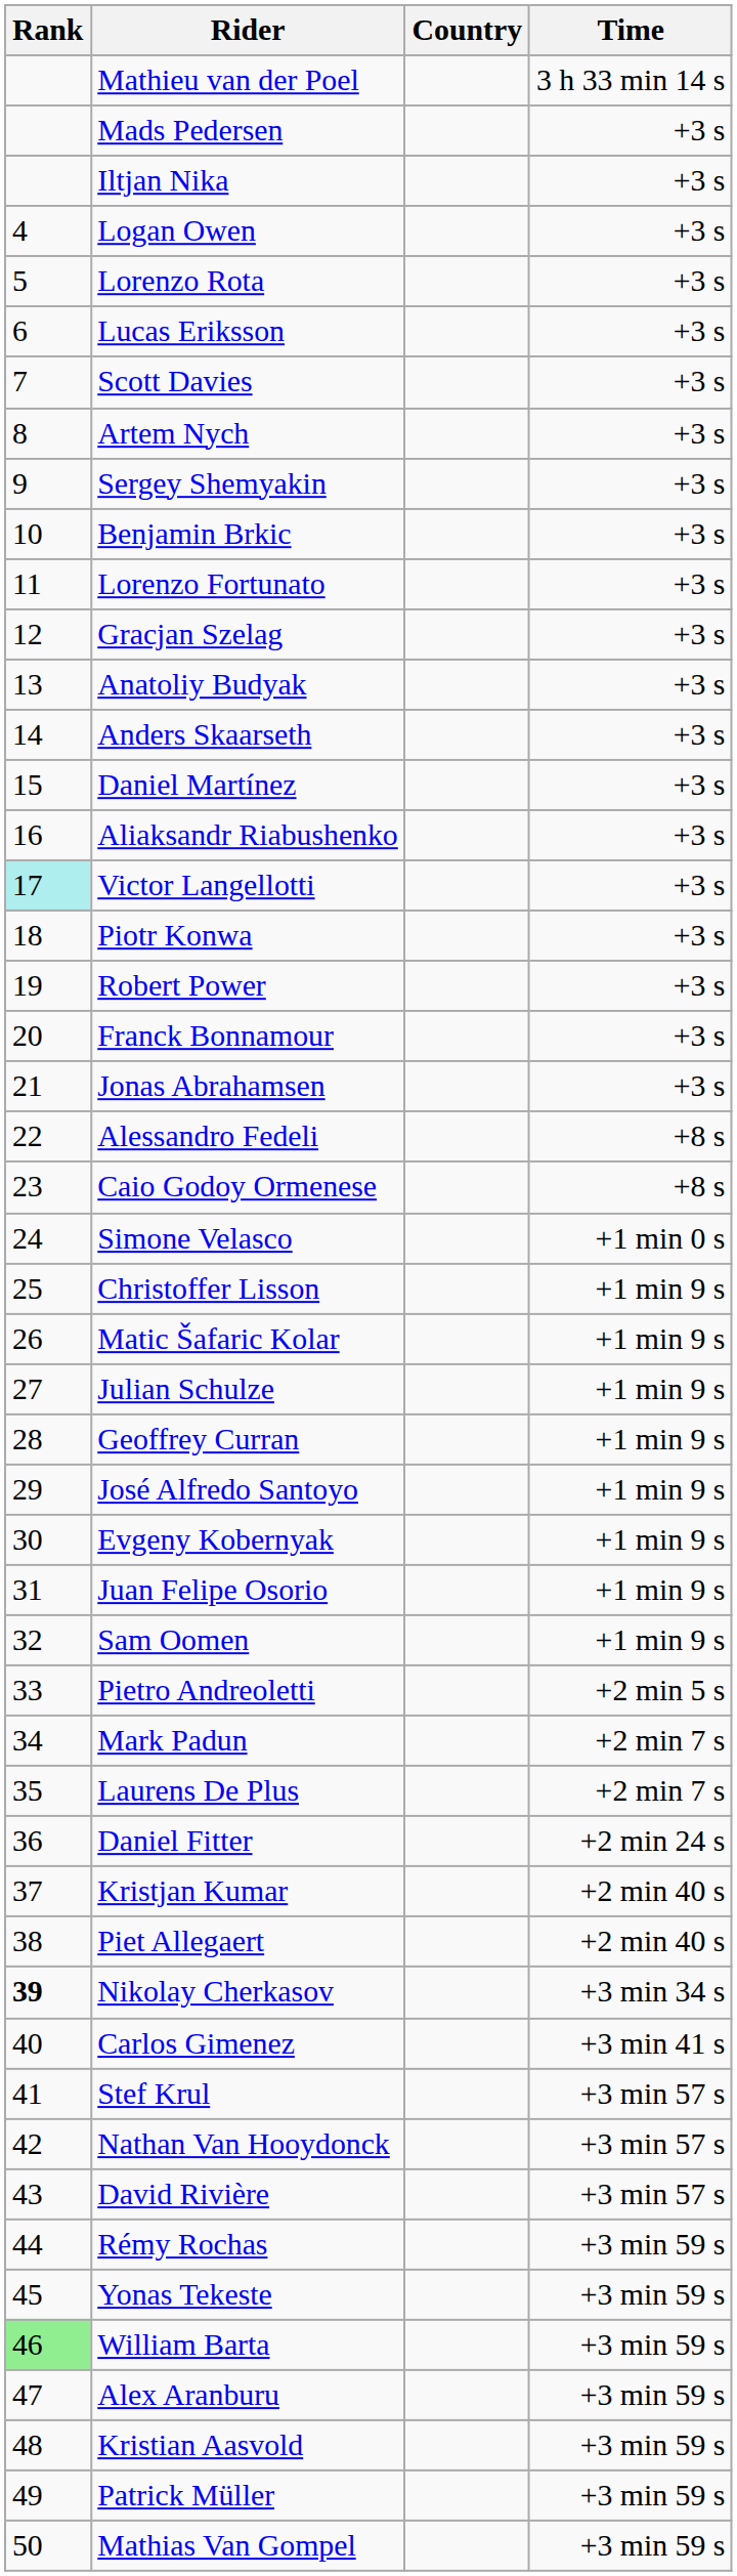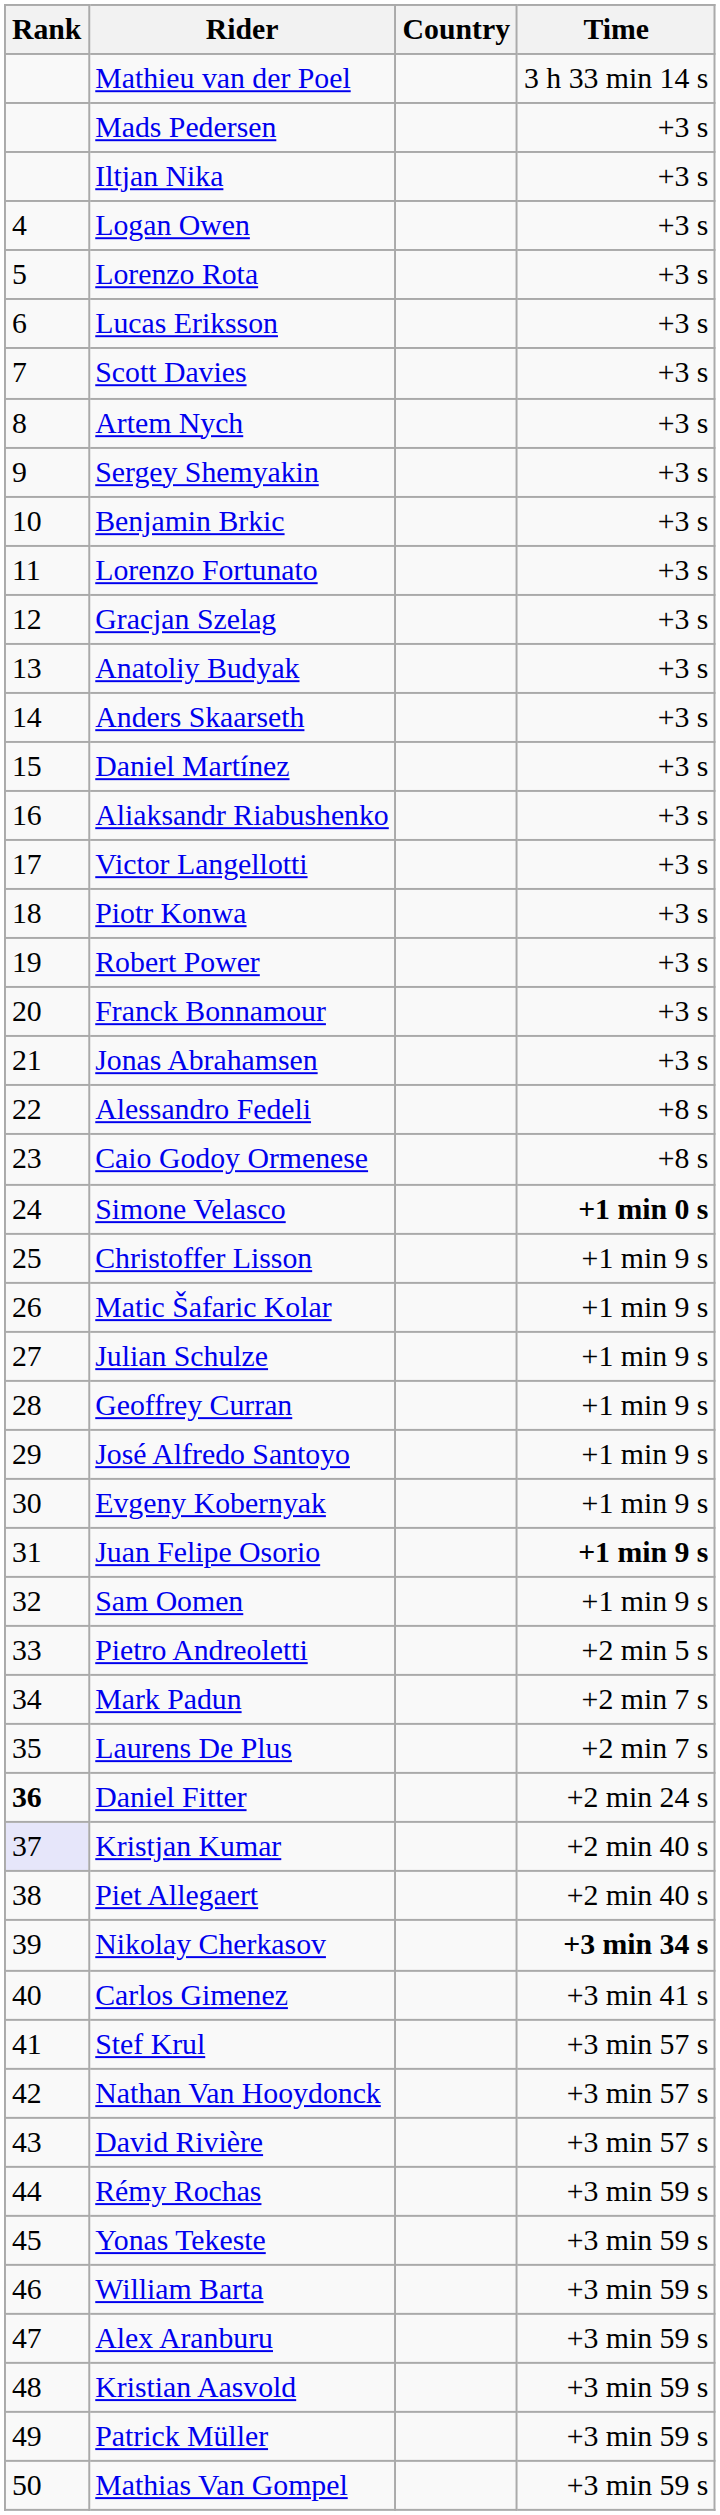 <table class="wikitable" style="font-size:95%; text-align:left;">
 <tr>
 <th>Rank</th>
 <th>Rider</th>
 <th>Country</th>
 <th>Time</th>
 </tr>
 <tr>
 <td></td>
 <td><a href='#'>Mathieu van der Poel</a></td>
 <td></td>
 <td align=right>3 h 33 min 14 s</td>
 </tr>
 <tr>
 <td></td>
 <td><a href='#'>Mads Pedersen</a></td>
 <td></td>
 <td align=right>+3 s</td>
 </tr>
 <tr>
 <td></td>
 <td><a href='#'>Iltjan Nika</a></td>
 <td></td>
 <td align=right>+3 s</td>
 </tr>
 <tr>
 <td>4</td>
 <td><a href='#'>Logan Owen</a></td>
 <td></td>
 <td align=right>+3 s</td>
 </tr>
 <tr>
 <td>5</td>
 <td><a href='#'>Lorenzo Rota</a></td>
 <td></td>
 <td align=right>+3 s</td>
 </tr>
 <tr>
 <td>6</td>
 <td><a href='#'>Lucas Eriksson</a></td>
 <td></td>
 <td align=right>+3 s</td>
 </tr>
 <tr>
 <td>7</td>
 <td><a href='#'>Scott Davies</a></td>
 <td></td>
 <td align=right>+3 s</td>
 </tr>
 <tr>
 <td>8</td>
 <td><a href='#'>Artem Nych</a></td>
 <td></td>
 <td align=right>+3 s</td>
 </tr>
 <tr>
 <td>9</td>
 <td><a href='#'>Sergey Shemyakin</a></td>
 <td></td>
 <td align=right>+3 s</td>
 </tr>
 <tr>
 <td>10</td>
 <td><a href='#'>Benjamin Brkic</a></td>
 <td></td>
 <td align=right>+3 s</td>
 </tr>
 <tr>
 <td>11</td>
 <td><a href='#'>Lorenzo Fortunato</a></td>
 <td></td>
 <td align=right>+3 s</td>
 </tr>
 <tr>
 <td>12</td>
 <td><a href='#'>Gracjan Szelag</a></td>
 <td></td>
 <td align=right>+3 s</td>
 </tr>
 <tr>
 <td>13</td>
 <td><a href='#'>Anatoliy Budyak</a></td>
 <td></td>
 <td align=right>+3 s</td>
 </tr>
 <tr>
 <td>14</td>
 <td><a href='#'>Anders Skaarseth</a></td>
 <td></td>
 <td align=right>+3 s</td>
 </tr>
 <tr>
 <td>15</td>
 <td><a href='#'>Daniel Martínez</a></td>
 <td></td>
 <td align=right>+3 s</td>
 </tr>
 <tr>
 <td>16</td>
 <td><a href='#'>Aliaksandr Riabushenko</a></td>
 <td></td>
 <td align=right>+3 s</td>
 </tr>
 <tr>
-<td style="background: paleturquoise;">17</td>
+<td>17</td>
 <td><a href='#'>Victor Langellotti</a></td>
 <td></td>
 <td align=right>+3 s</td>
 </tr>
 <tr>
 <td>18</td>
 <td><a href='#'>Piotr Konwa</a></td>
 <td></td>
 <td align=right>+3 s</td>
 </tr>
 <tr>
 <td>19</td>
 <td><a href='#'>Robert Power</a></td>
 <td></td>
 <td align=right>+3 s</td>
 </tr>
 <tr>
 <td>20</td>
 <td><a href='#'>Franck Bonnamour</a></td>
 <td></td>
 <td align=right>+3 s</td>
 </tr>
 <tr>
 <td>21</td>
 <td><a href='#'>Jonas Abrahamsen</a></td>
 <td></td>
 <td align=right>+3 s</td>
 </tr>
 <tr>
 <td>22</td>
 <td><a href='#'>Alessandro Fedeli</a></td>
 <td></td>
 <td align=right>+8 s</td>
 </tr>
 <tr>
 <td>23</td>
 <td><a href='#'>Caio Godoy Ormenese</a></td>
 <td></td>
 <td align=right>+8 s</td>
 </tr>
 <tr>
 <td>24</td>
 <td><a href='#'>Simone Velasco</a></td>
 <td></td>
-<td align=right>+1 min 0 s</td>
+<td align=right><strong>+1 min 0 s</strong></td>
 </tr>
 <tr>
 <td>25</td>
 <td><a href='#'>Christoffer Lisson</a></td>
 <td></td>
 <td align=right>+1 min 9 s</td>
 </tr>
 <tr>
 <td>26</td>
 <td><a href='#'>Matic Šafaric Kolar</a></td>
 <td></td>
 <td align=right>+1 min 9 s</td>
 </tr>
 <tr>
 <td>27</td>
 <td><a href='#'>Julian Schulze</a></td>
 <td></td>
 <td align=right>+1 min 9 s</td>
 </tr>
 <tr>
 <td>28</td>
 <td><a href='#'>Geoffrey Curran</a></td>
 <td></td>
 <td align=right>+1 min 9 s</td>
 </tr>
 <tr>
 <td>29</td>
 <td><a href='#'>José Alfredo Santoyo</a></td>
 <td></td>
 <td align=right>+1 min 9 s</td>
 </tr>
 <tr>
 <td>30</td>
 <td><a href='#'>Evgeny Kobernyak</a></td>
 <td></td>
 <td align=right>+1 min 9 s</td>
 </tr>
 <tr>
 <td>31</td>
 <td><a href='#'>Juan Felipe Osorio</a></td>
 <td></td>
-<td align=right>+1 min 9 s</td>
+<td align=right><strong>+1 min 9 s</strong></td>
 </tr>
 <tr>
 <td>32</td>
 <td><a href='#'>Sam Oomen</a></td>
 <td></td>
 <td align=right>+1 min 9 s</td>
 </tr>
 <tr>
 <td>33</td>
 <td><a href='#'>Pietro Andreoletti</a></td>
 <td></td>
 <td align=right>+2 min 5 s</td>
 </tr>
 <tr>
 <td>34</td>
 <td><a href='#'>Mark Padun</a></td>
 <td></td>
 <td align=right>+2 min 7 s</td>
 </tr>
 <tr>
 <td>35</td>
 <td><a href='#'>Laurens De Plus</a></td>
 <td></td>
 <td align=right>+2 min 7 s</td>
 </tr>
 <tr>
-<td>36</td>
+<td><strong>36</strong></td>
 <td><a href='#'>Daniel Fitter</a></td>
 <td></td>
 <td align=right>+2 min 24 s</td>
 </tr>
 <tr>
-<td>37</td>
+<td style="background: lavender;">37</td>
 <td><a href='#'>Kristjan Kumar</a></td>
 <td></td>
 <td align=right>+2 min 40 s</td>
 </tr>
 <tr>
 <td>38</td>
 <td><a href='#'>Piet Allegaert</a></td>
 <td></td>
 <td align=right>+2 min 40 s</td>
 </tr>
 <tr>
-<td><strong>39</strong></td>
+<td>39</td>
 <td><a href='#'>Nikolay Cherkasov</a></td>
 <td></td>
-<td align=right>+3 min 34 s</td>
+<td align=right><strong>+3 min 34 s</strong></td>
 </tr>
 <tr>
 <td>40</td>
 <td><a href='#'>Carlos Gimenez</a></td>
 <td></td>
 <td align=right>+3 min 41 s</td>
 </tr>
 <tr>
 <td>41</td>
 <td><a href='#'>Stef Krul</a></td>
 <td></td>
 <td align=right>+3 min 57 s</td>
 </tr>
 <tr>
 <td>42</td>
 <td><a href='#'>Nathan Van Hooydonck</a></td>
 <td></td>
 <td align=right>+3 min 57 s</td>
 </tr>
 <tr>
 <td>43</td>
 <td><a href='#'>David Rivière</a></td>
 <td></td>
 <td align=right>+3 min 57 s</td>
 </tr>
 <tr>
 <td>44</td>
 <td><a href='#'>Rémy Rochas</a></td>
 <td></td>
 <td align=right>+3 min 59 s</td>
 </tr>
 <tr>
 <td>45</td>
 <td><a href='#'>Yonas Tekeste</a></td>
 <td></td>
 <td align=right>+3 min 59 s</td>
 </tr>
 <tr>
-<td style="background: lightgreen;">46</td>
+<td>46</td>
 <td><a href='#'>William Barta</a></td>
 <td></td>
 <td align=right>+3 min 59 s</td>
 </tr>
 <tr>
 <td>47</td>
 <td><a href='#'>Alex Aranburu</a></td>
 <td></td>
 <td align=right>+3 min 59 s</td>
 </tr>
 <tr>
 <td>48</td>
 <td><a href='#'>Kristian Aasvold</a></td>
 <td></td>
 <td align=right>+3 min 59 s</td>
 </tr>
 <tr>
 <td>49</td>
 <td><a href='#'>Patrick Müller</a></td>
 <td></td>
 <td align=right>+3 min 59 s</td>
 </tr>
 <tr>
 <td>50</td>
 <td><a href='#'>Mathias Van Gompel</a></td>
 <td></td>
 <td align=right>+3 min 59 s</td>
 </tr>
 </table>
